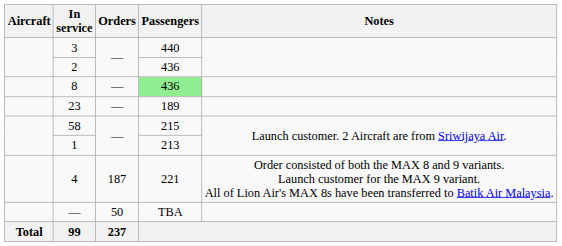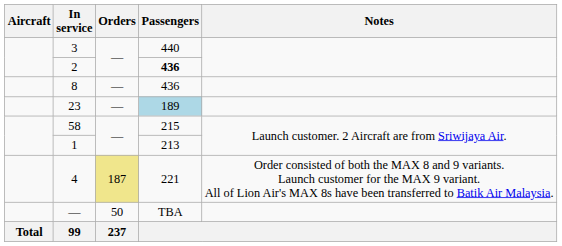 <table class="wikitable" style="margin:0.5em auto; text-align:center">
 <tr>
 <th>Aircraft</th>
 <th>In <br> service</th>
 <th>Orders</th>
 <th>Passengers</th>
 <th>Notes</th>
 </tr>
 <tr>
 <td rowspan="2"></td>
 <td>3</td>
 <td rowspan="2">—</td>
 <td>440</td>
 <td rowspan="2"></td>
 </tr>
 <tr>
 <td>2</td>
-<td>436</td>
+<td><strong>436</strong></td>
 </tr>
 <tr>
 <td></td>
 <td>8</td>
 <td>—</td>
-<td style="background: lightgreen;">436</td>
+<td>436</td>
 <td></td>
 </tr>
 <tr>
 <td></td>
 <td>23</td>
 <td>—</td>
-<td>189</td>
+<td style="background: lightblue;">189</td>
 <td></td>
 </tr>
 <tr>
 <td rowspan="2"></td>
 <td>58</td>
 <td rowspan="2">—</td>
 <td>215</td>
 <td rowspan="2">Launch customer. 2 Aircraft are from <a href='#'>Sriwijaya Air</a>.</td>
 </tr>
 <tr>
 <td>1</td>
 <td>213</td>
 </tr>
 <tr>
 <td></td>
 <td>4</td>
-<td>187</td>
+<td style="background: khaki;">187</td>
 <td>221</td>
 <td>Order consisted of both the MAX 8 and 9 variants.<br> Launch customer for the MAX 9 variant.<br> All of Lion Air's MAX 8s have been transferred to <a href='#'>Batik Air Malaysia</a>.</td>
 </tr>
 <tr>
 <td></td>
 <td>—</td>
 <td>50</td>
 <td>TBA</td>
 <td></td>
 </tr>
 <tr>
 <th>Total</th>
 <th>99</th>
 <th>237</th>
 <th colspan=3></th>
 </tr>
 </table>
